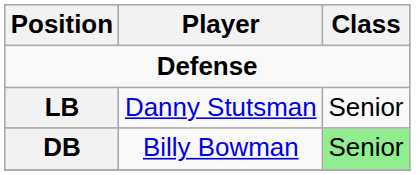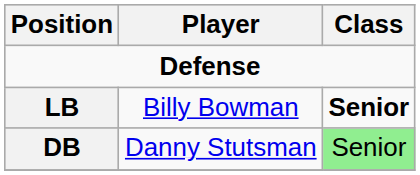 <table class="wikitable">
 <tr>
 <th>Position</th>
 <th>Player</th>
 <th>Class</th>
 </tr>
 <tr>
 <td colspan="4" style="text-align:center; "><strong>Defense</strong></td>
 </tr>
 <tr style="text-align:center;">
 <th rowspan="1">LB</th>
-<td><a href='#'>Danny Stutsman</a></td>
-<td>Senior</td>
+<td><a href='#'>Billy Bowman</a></td>
+<td><strong>Senior</strong></td>
 </tr>
 <tr style="text-align:center;">
 <th rowspan="1">DB</th>
-<td><a href='#'>Billy Bowman</a></td>
+<td><a href='#'>Danny Stutsman</a></td>
 <td style="background: lightgreen;">Senior</td>
 </tr>
 <tr>
 </tr>
 </table>
